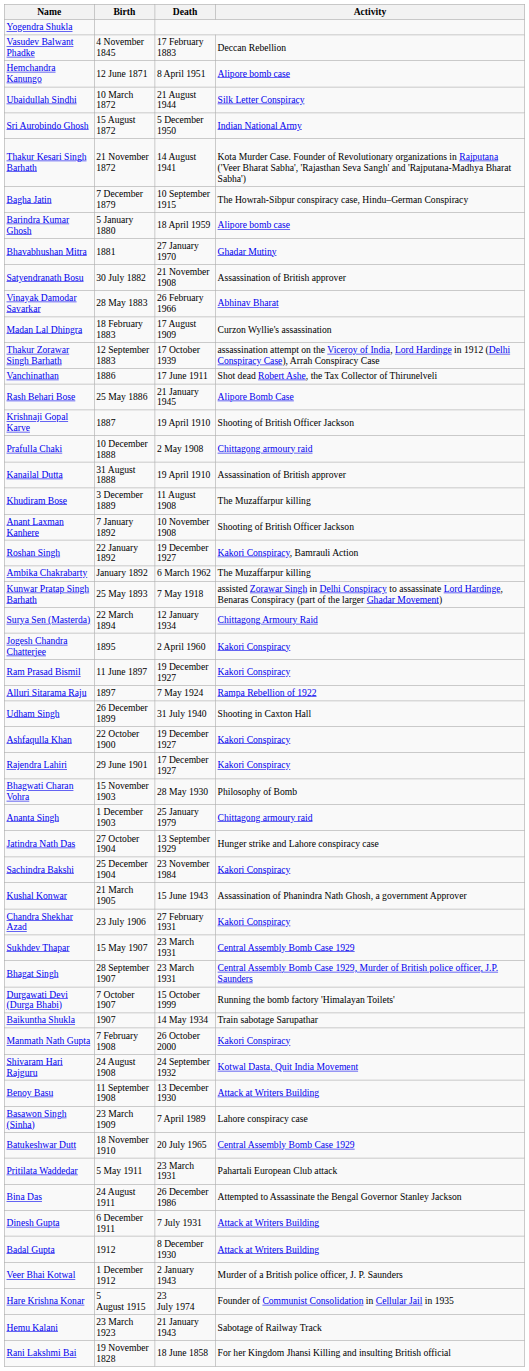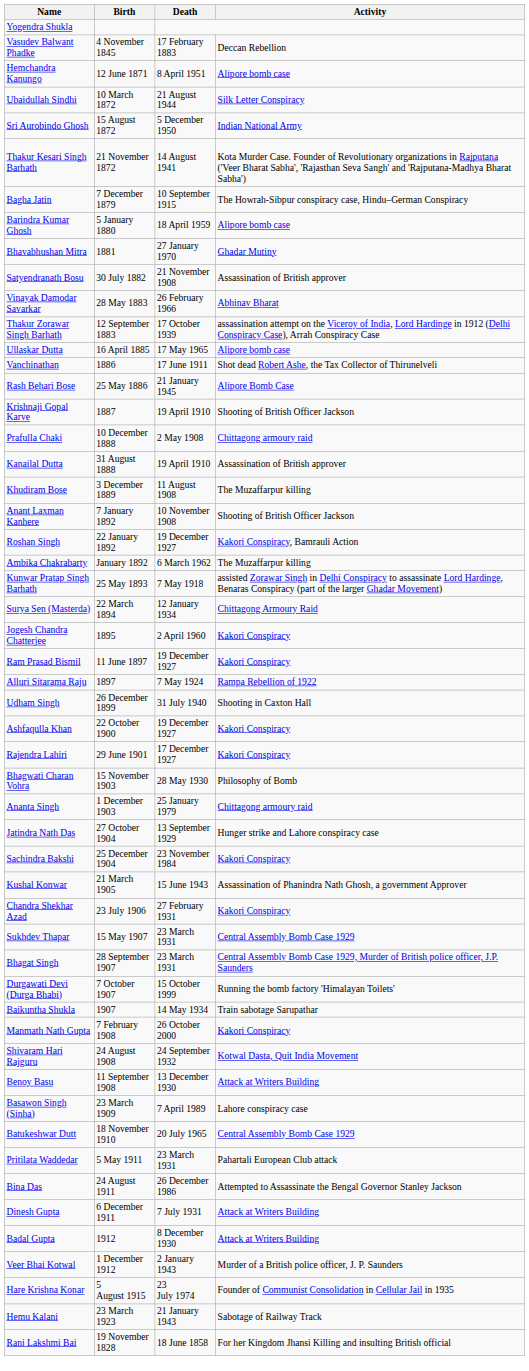 <table class="wikitable sortable">
 <tr>
 <th>Name</th>
 <th>Birth</th>
 <th>Death</th>
 <th>Activity</th>
 </tr>
 <tr>
 <td><a href='#'>Yogendra Shukla</a></td>
 <td></td>
 </tr>
 <tr>
 <td><a href='#'>Vasudev Balwant Phadke</a></td>
 <td>4 November 1845</td>
 <td>17 February 1883</td>
 <td>Deccan Rebellion</td>
 </tr>
 <tr>
 <td><a href='#'>Hemchandra Kanungo</a></td>
 <td>12 June 1871</td>
 <td>8 April 1951</td>
 <td><a href='#'>Alipore bomb case</a></td>
 </tr>
 <tr>
 <td><a href='#'>Ubaidullah Sindhi</a></td>
 <td>10 March 1872</td>
 <td>21 August 1944</td>
 <td><a href='#'>Silk Letter Conspiracy</a></td>
 </tr>
 <tr>
 <td><a href='#'>Sri Aurobindo Ghosh</a></td>
 <td>15 August 1872</td>
 <td>5 December 1950</td>
 <td><a href='#'>Indian National Army</a></td>
 </tr>
 <tr>
 <td><a href='#'>Thakur Kesari Singh Barhath</a></td>
 <td>21 November 1872</td>
 <td>14 August 1941</td>
 <td><br>Kota Murder Case. Founder of Revolutionary organizations in <a href='#'>Rajputana</a> ('Veer Bharat Sabha', 'Rajasthan Seva Sangh' and 'Rajputana-Madhya Bharat Sabha')</td>
 </tr>
 <tr>
 <td><a href='#'>Bagha Jatin</a></td>
 <td>7 December 1879</td>
 <td>10 September 1915</td>
 <td>The Howrah-Sibpur conspiracy case, Hindu–German Conspiracy</td>
 </tr>
 <tr>
 <td><a href='#'>Barindra Kumar Ghosh</a></td>
 <td>5 January 1880</td>
 <td>18 April 1959</td>
 <td><a href='#'>Alipore bomb case</a></td>
 </tr>
 <tr>
 <td><a href='#'>Bhavabhushan Mitra</a></td>
 <td>1881</td>
 <td>27 January 1970</td>
 <td><a href='#'>Ghadar Mutiny</a></td>
 </tr>
 <tr>
 <td><a href='#'>Satyendranath Bosu</a></td>
 <td>30 July 1882</td>
 <td>21 November 1908</td>
 <td>Assassination of British approver</td>
 </tr>
 <tr>
 <td><a href='#'>Vinayak Damodar Savarkar</a></td>
 <td>28 May 1883</td>
 <td>26 February 1966</td>
 <td><a href='#'>Abhinav Bharat</a></td>
 </tr>
 <tr>
-<td><a href='#'>Madan Lal Dhingra</a></td>
-<td>18 February 1883</td>
-<td>17 August 1909</td>
-<td>Curzon Wyllie's assassination</td>
-</tr>
-<tr>
 <td><a href='#'>Thakur Zorawar Singh Barhath</a></td>
 <td>12 September 1883</td>
 <td>17 October 1939</td>
 <td>assassination attempt on the <a href='#'>Viceroy of India</a>, <a href='#'>Lord Hardinge</a> in 1912 (<a href='#'>Delhi Conspiracy Case</a>), Arrah Conspiracy Case</td>
+</tr>
+<tr>
+<td><a href='#'>Ullaskar Dutta</a></td>
+<td>16 April 1885</td>
+<td>17 May 1965</td>
+<td><a href='#'>Alipore bomb case</a></td>
 </tr>
 <tr>
 <td><a href='#'>Vanchinathan</a></td>
 <td>1886</td>
 <td>17 June 1911</td>
 <td>Shot dead <a href='#'>Robert Ashe</a>, the Tax Collector of Thirunelveli</td>
 </tr>
 <tr>
 <td><a href='#'>Rash Behari Bose</a></td>
 <td>25 May 1886</td>
 <td>21 January 1945</td>
 <td><a href='#'>Alipore Bomb Case</a></td>
 </tr>
 <tr>
 <td><a href='#'>Krishnaji Gopal Karve</a></td>
 <td>1887</td>
 <td>19 April 1910</td>
 <td>Shooting of British Officer Jackson</td>
 </tr>
 <tr>
 <td><a href='#'>Prafulla Chaki</a></td>
 <td>10 December 1888</td>
 <td>2 May 1908</td>
 <td><a href='#'>Chittagong armoury raid</a></td>
 </tr>
 <tr>
 <td><a href='#'>Kanailal Dutta</a></td>
 <td>31 August 1888</td>
 <td>19 April 1910</td>
 <td>Assassination of British approver</td>
 </tr>
 <tr>
 <td><a href='#'>Khudiram Bose</a></td>
 <td>3 December 1889</td>
 <td>11 August 1908</td>
 <td>The Muzaffarpur killing</td>
 </tr>
 <tr>
 <td><a href='#'>Anant Laxman Kanhere</a></td>
 <td>7 January 1892</td>
 <td>10 November 1908</td>
 <td>Shooting of British Officer Jackson</td>
 </tr>
 <tr>
 <td><a href='#'>Roshan Singh</a></td>
 <td>22 January 1892</td>
 <td>19 December 1927</td>
 <td><a href='#'>Kakori Conspiracy</a>, Bamrauli Action</td>
 </tr>
 <tr>
 <td><a href='#'>Ambika Chakrabarty</a></td>
 <td>January 1892</td>
 <td>6 March 1962</td>
 <td>The Muzaffarpur killing</td>
 </tr>
 <tr>
 <td><a href='#'>Kunwar Pratap Singh Barhath</a></td>
 <td>25 May 1893</td>
 <td>7 May 1918</td>
 <td>assisted <a href='#'>Zorawar Singh</a> in <a href='#'>Delhi Conspiracy</a> to assassinate <a href='#'>Lord Hardinge</a>, Benaras Conspiracy (part of the larger <a href='#'>Ghadar Movement</a>)</td>
 </tr>
 <tr>
 <td><a href='#'>Surya Sen (Masterda)</a></td>
 <td>22 March 1894</td>
 <td>12 January 1934</td>
 <td><a href='#'>Chittagong Armoury Raid</a></td>
 </tr>
 <tr Sachindra Nath Sanyal>
 <td><a href='#'>Jogesh Chandra Chatterjee</a></td>
 <td>1895</td>
 <td>2 April 1960</td>
 <td><a href='#'>Kakori Conspiracy</a></td>
 </tr>
 <tr>
 <td><a href='#'>Ram Prasad Bismil</a></td>
 <td>11 June 1897</td>
 <td>19 December 1927</td>
 <td><a href='#'>Kakori Conspiracy</a></td>
 </tr>
 <tr>
 <td><a href='#'>Alluri Sitarama Raju</a></td>
 <td>1897</td>
 <td>7 May 1924</td>
 <td><a href='#'>Rampa Rebellion of 1922</a></td>
 </tr>
 <tr>
 <td><a href='#'>Udham Singh</a></td>
 <td>26 December 1899</td>
 <td>31 July 1940</td>
 <td>Shooting in Caxton Hall</td>
 </tr>
 <tr>
 <td><a href='#'>Ashfaqulla Khan</a></td>
 <td>22 October 1900</td>
 <td>19 December 1927</td>
 <td><a href='#'>Kakori Conspiracy</a></td>
 </tr>
 <tr>
 <td><a href='#'>Rajendra Lahiri</a></td>
 <td>29 June 1901</td>
 <td>17 December 1927</td>
 <td><a href='#'>Kakori Conspiracy</a></td>
 </tr>
 <tr>
 <td><a href='#'>Bhagwati Charan Vohra</a></td>
 <td>15 November 1903</td>
 <td>28 May 1930</td>
 <td>Philosophy of Bomb</td>
 </tr>
 <tr>
 <td><a href='#'>Ananta Singh</a></td>
 <td>1 December 1903</td>
 <td>25 January 1979</td>
 <td><a href='#'>Chittagong armoury raid</a></td>
 </tr>
 <tr>
 <td><a href='#'>Jatindra Nath Das</a></td>
 <td>27 October 1904</td>
 <td>13 September 1929</td>
 <td>Hunger strike and Lahore conspiracy case</td>
 </tr>
 <tr>
 <td><a href='#'>Sachindra Bakshi</a></td>
 <td>25 December 1904</td>
 <td>23 November 1984</td>
 <td><a href='#'>Kakori Conspiracy</a></td>
 </tr>
 <tr>
 <td><a href='#'>Kushal Konwar</a></td>
 <td>21 March 1905</td>
 <td>15 June 1943</td>
 <td>Assassination of Phanindra Nath Ghosh, a government Approver</td>
 </tr>
 <tr>
 <td><a href='#'>Chandra Shekhar Azad</a></td>
 <td>23 July 1906</td>
 <td>27 February 1931</td>
 <td><a href='#'>Kakori Conspiracy</a></td>
 </tr>
 <tr>
 <td><a href='#'>Sukhdev Thapar</a></td>
 <td>15 May 1907</td>
 <td>23 March 1931</td>
 <td><a href='#'>Central Assembly Bomb Case 1929</a></td>
 </tr>
 <tr>
 <td><a href='#'>Bhagat Singh</a></td>
 <td>28 September 1907</td>
 <td>23 March 1931</td>
 <td><a href='#'>Central Assembly Bomb Case 1929, Murder of British police officer, J.P. Saunders</a></td>
 </tr>
 <tr>
 <td><a href='#'>Durgawati Devi (Durga Bhabi)</a></td>
 <td>7 October 1907</td>
 <td>15 October 1999</td>
 <td>Running the bomb factory 'Himalayan Toilets'</td>
 </tr>
 <tr>
 <td><a href='#'>Baikuntha Shukla</a></td>
 <td>1907</td>
 <td>14 May 1934</td>
 <td>Train sabotage Sarupathar</td>
 </tr>
 <tr>
 <td><a href='#'>Manmath Nath Gupta</a></td>
 <td>7 February 1908</td>
 <td>26 October 2000</td>
 <td><a href='#'>Kakori Conspiracy</a></td>
 </tr>
 <tr>
 <td><a href='#'>Shivaram Hari Rajguru</a></td>
 <td>24 August 1908</td>
 <td>24 September 1932</td>
 <td><a href='#'>Kotwal Dasta, Quit India Movement</a></td>
 </tr>
 <tr>
 <td><a href='#'>Benoy Basu</a></td>
 <td>11 September 1908</td>
 <td>13 December 1930</td>
 <td><a href='#'>Attack at Writers Building</a></td>
 </tr>
 <tr>
 <td><a href='#'>Basawon Singh (Sinha)</a></td>
 <td>23 March 1909</td>
 <td>7 April 1989</td>
 <td>Lahore conspiracy case</td>
 </tr>
 <tr>
 <td><a href='#'>Batukeshwar Dutt</a></td>
 <td>18 November 1910</td>
 <td>20 July 1965</td>
 <td><a href='#'>Central Assembly Bomb Case 1929</a></td>
 </tr>
 <tr>
 <td><a href='#'>Pritilata Waddedar</a></td>
 <td>5 May 1911</td>
 <td>23 March 1931</td>
 <td>Pahartali European Club attack</td>
 </tr>
 <tr>
 <td><a href='#'>Bina Das</a></td>
 <td>24 August 1911</td>
 <td>26 December 1986</td>
 <td>Attempted to Assassinate the Bengal Governor Stanley Jackson</td>
 </tr>
 <tr>
 <td><a href='#'>Dinesh Gupta</a></td>
 <td>6 December 1911</td>
 <td>7 July 1931</td>
 <td><a href='#'>Attack at Writers Building</a></td>
 </tr>
 <tr>
 <td><a href='#'>Badal Gupta</a></td>
 <td>1912</td>
 <td>8 December 1930</td>
 <td><a href='#'>Attack at Writers Building</a></td>
 </tr>
 <tr>
 <td><a href='#'>Veer Bhai Kotwal</a></td>
 <td>1 December 1912</td>
 <td>2 January 1943</td>
 <td>Murder of a British police officer, J. P. Saunders</td>
 </tr>
 <tr>
 <td><a href='#'>Hare Krishna Konar</a></td>
 <td>5<br>August 1915</td>
 <td>23<br>July 1974</td>
 <td>Founder of <a href='#'>Communist Consolidation</a> in <a href='#'>Cellular Jail</a> in 1935</td>
 </tr>
 <tr>
 <td><a href='#'>Hemu Kalani</a></td>
 <td>23 March 1923</td>
 <td>21 January 1943</td>
 <td>Sabotage of Railway Track</td>
 </tr>
 <tr>
 <td><a href='#'>Rani Lakshmi Bai</a></td>
 <td>19 November 1828</td>
 <td>18 June 1858</td>
 <td>For her Kingdom Jhansi Killing and insulting British official</td>
 </tr>
 </table>
